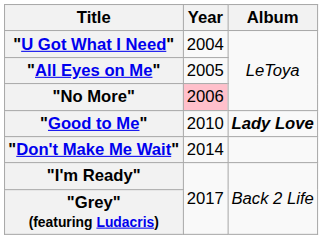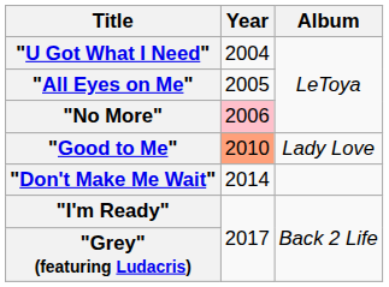 <table class="wikitable plainrowheaders" style="text-align:center;">
 <tr>
 <th scope="col">Title</th>
 <th scope="col">Year</th>
 <th scope="col">Album</th>
 </tr>
 <tr>
 <th scope="row">"<a href='#'>U Got What I Need</a>"</th>
 <td>2004</td>
 <td rowspan="3"><em>LeToya</em></td>
 </tr>
 <tr>
 <th scope="row">"<a href='#'>All Eyes on Me</a>"</th>
 <td>2005</td>
 </tr>
 <tr>
 <th scope="row">"No More"</th>
 <td style="background: pink;">2006</td>
 </tr>
 <tr>
 <th scope="row">"<a href='#'>Good to Me</a>"</th>
-<td>2010</td>
-<td><strong><em>Lady Love</em></strong></td>
+<td style="background: lightsalmon;">2010</td>
+<td><em>Lady Love</em></td>
 </tr>
 <tr>
 <th scope="row">"<a href='#'>Don't Make Me Wait</a>"</th>
 <td>2014</td>
 <td></td>
 </tr>
 <tr>
 <th scope="row">"I'm Ready"</th>
 <td rowspan="2">2017</td>
 <td rowspan="2"><em>Back 2 Life</em></td>
 </tr>
 <tr>
 <th scope="row">"Grey"<br><small>(featuring <a href='#'>Ludacris</a>)</small></th>
 </tr>
 </table>
